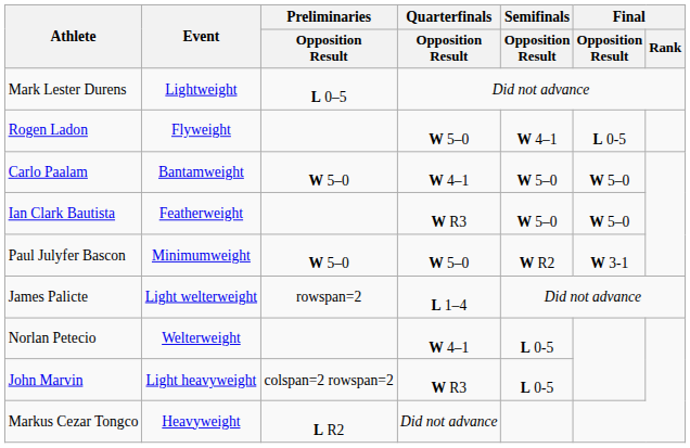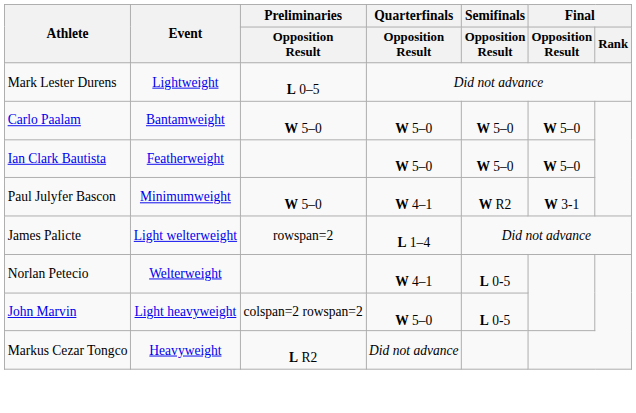 <table class="wikitable" style="font-size:90%">
 <tr>
 <th rowspan=2>Athlete</th>
 <th rowspan=2>Event</th>
 <th>Preliminaries</th>
 <th>Quarterfinals</th>
 <th>Semifinals</th>
 <th colspan=2>Final</th>
 </tr>
 <tr style="font-size:95%">
 <th>Opposition<br>Result</th>
 <th>Opposition<br>Result</th>
 <th>Opposition<br>Result</th>
 <th>Opposition<br>Result</th>
 <th>Rank</th>
 </tr>
 <tr align=center>
 <td align=left>Mark Lester Durens</td>
 <td><a href='#'>Lightweight</a></td>
 <td><br><strong>L</strong> 0–5</td>
 <td colspan=4><em>Did not advance</em></td>
 </tr>
 <tr align=center>
-<td align=left><a href='#'>Rogen Ladon</a></td>
-<td><a href='#'>Flyweight</a></td>
-<td></td>
-<td><br><strong>W</strong> 5–0</td>
-<td><br><strong>W</strong> 4–1</td>
-<td><br><strong>L</strong> 0-5</td>
-<td></td>
-</tr>
-<tr align=center>
 <td align=left><a href='#'>Carlo Paalam</a></td>
 <td><a href='#'>Bantamweight</a></td>
 <td><br><strong>W</strong> 5–0</td>
-<td><br><strong>W</strong> 4–1</td>
+<td><br><strong>W</strong> 5–0</td>
 <td><br><strong>W</strong> 5–0</td>
 <td><br><strong>W</strong> 5–0</td>
 <td rowspan=3></td>
 </tr>
 <tr align=center>
 <td align=left><a href='#'>Ian Clark Bautista</a></td>
 <td><a href='#'>Featherweight</a></td>
 <td></td>
-<td><br><strong>W</strong>  R3</td>
+<td><br><strong>W</strong> 5–0</td>
 <td><br><strong>W</strong> 5–0</td>
 <td><br><strong>W</strong> 5–0</td>
 </tr>
 <tr align=center>
 <td align=left>Paul Julyfer Bascon</td>
 <td><a href='#'>Minimumweight</a></td>
 <td><br><strong>W</strong> 5–0</td>
-<td><br><strong>W</strong> 5–0</td>
+<td><br><strong>W</strong> 4–1</td>
 <td><br><strong>W</strong>  R2</td>
 <td><br><strong>W</strong> 3-1</td>
 </tr>
 <tr align=center>
 <td align=left>James Palicte</td>
 <td><a href='#'>Light welterweight</a></td>
 <td>rowspan=2 </td>
 <td><br><strong>L</strong> 1–4</td>
 <td colspan=3><em>Did not advance</em></td>
 </tr>
 <tr align=center>
 <td align=left>Norlan Petecio</td>
 <td><a href='#'>Welterweight</a></td>
 <td></td>
 <td><br><strong>W</strong> 4–1</td>
 <td><br><strong>L</strong> 0-5</td>
 <td rowspan=2></td>
 </tr>
 <tr align=center>
 <td align=left><a href='#'>John Marvin</a></td>
 <td><a href='#'>Light heavyweight</a></td>
 <td>colspan=2 rowspan=2 </td>
-<td><br><strong>W</strong>  R3</td>
+<td><br><strong>W</strong> 5–0</td>
 <td><br><strong>L</strong> 0-5</td>
 </tr>
 <tr align=center>
 <td align=left>Markus Cezar Tongco</td>
 <td><a href='#'>Heavyweight</a></td>
 <td><br><strong>L</strong>  R2</td>
 <td><em>Did not advance</em></td>
 <td></td>
 </tr>
 </table>
